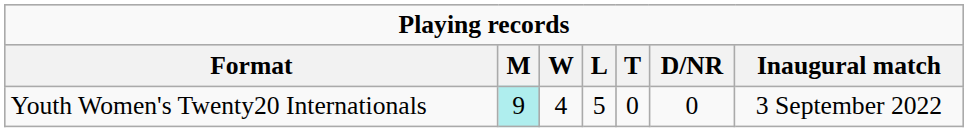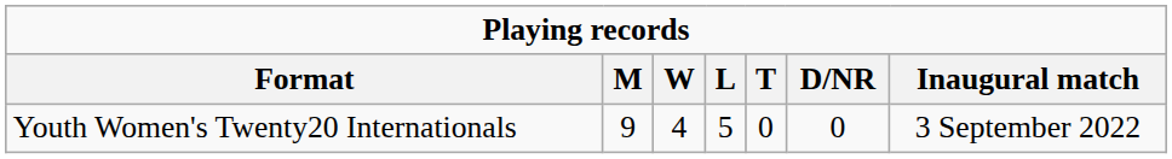 <table class="wikitable" style="text-align: center; width: 600px">
 <tr>
 <td colspan="8" align="center"><strong>Playing records</strong></td>
 </tr>
 <tr>
 <th>Format</th>
 <th>M</th>
 <th>W</th>
 <th>L</th>
 <th>T</th>
 <th>D/NR</th>
 <th>Inaugural match</th>
 </tr>
 <tr>
 <td align="left">Youth Women's Twenty20 Internationals</td>
-<td style="background: paleturquoise;">9</td>
+<td>9</td>
 <td>4</td>
 <td>5</td>
 <td>0</td>
 <td>0</td>
 <td>3 September 2022</td>
 </tr>
 </table>
